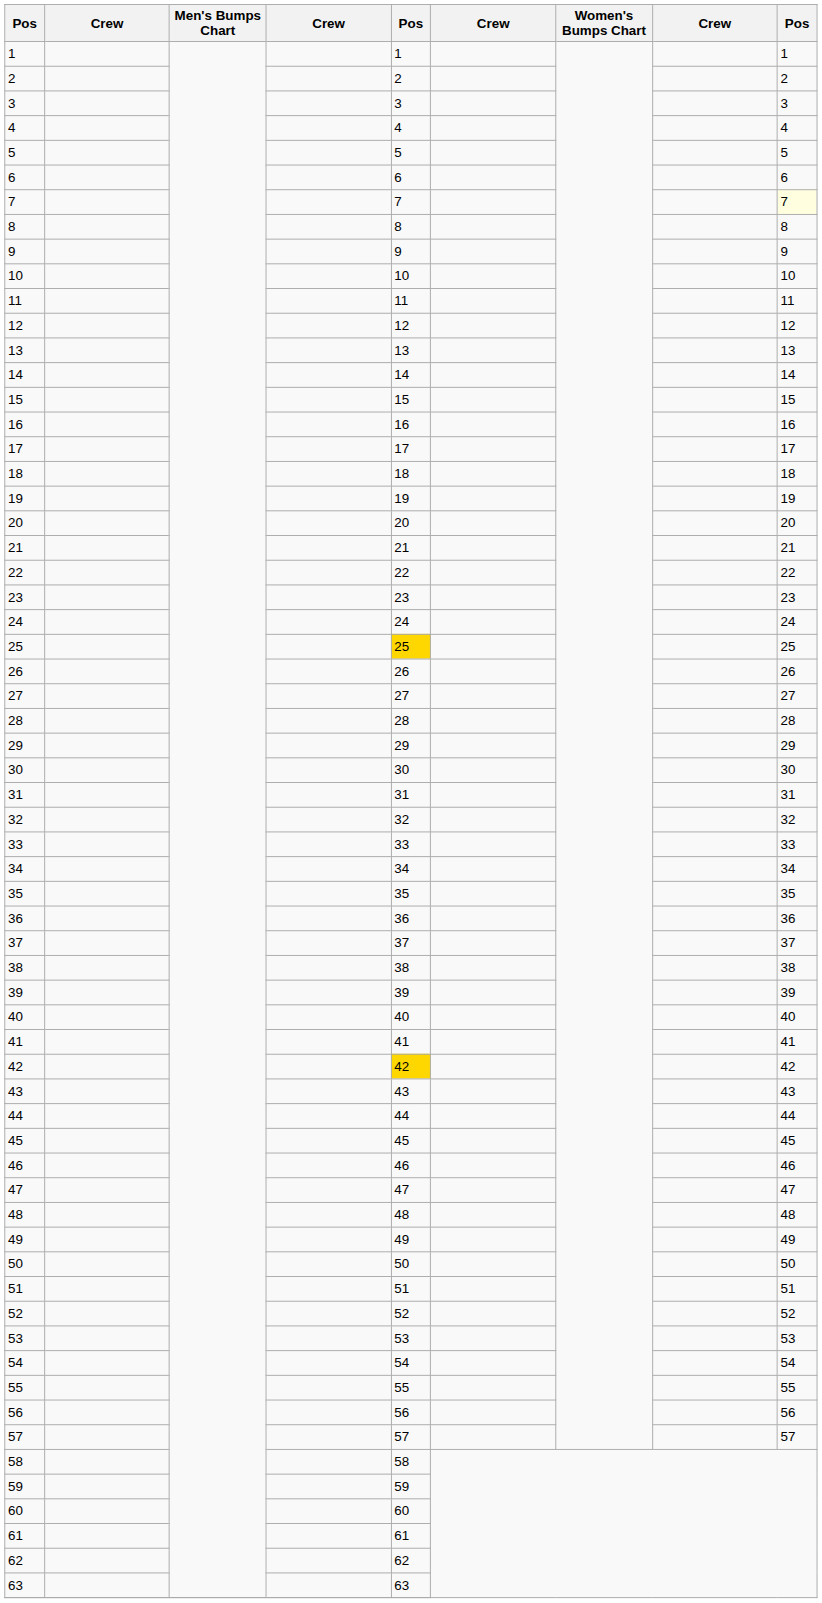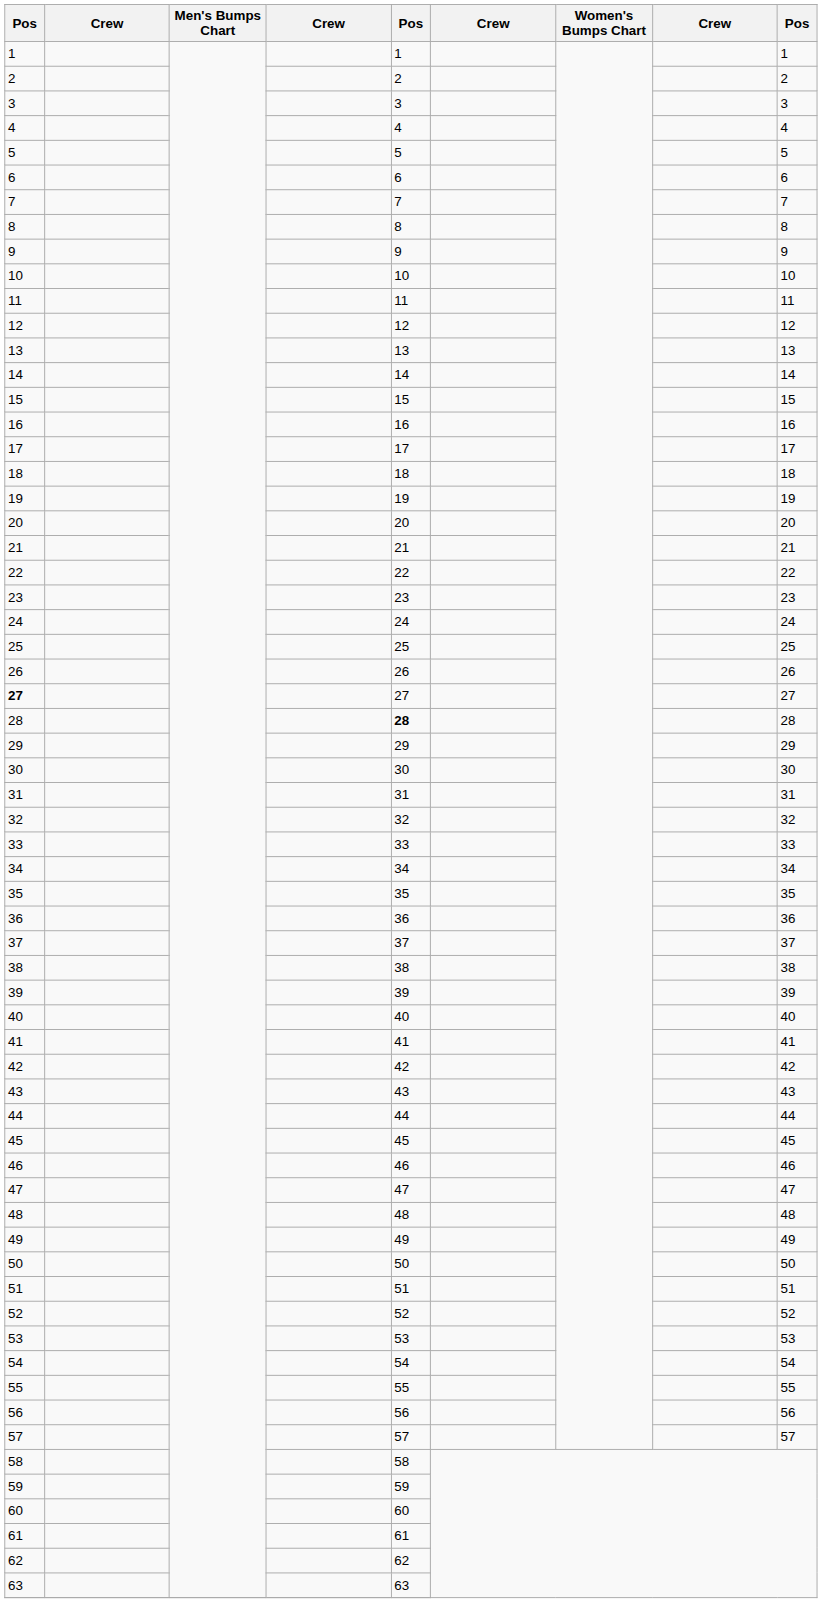 <table class="wikitable" style="font-size:88%; white-space:nowrap; margin:0.5em auto">
 <tr style="white-space:normal">
 <th width=35>Pos</th>
 <th width=125>Crew</th>
 <th width=95>Men's Bumps Chart</th>
 <th width=125>Crew</th>
 <th width=35>Pos</th>
 <th width=125>Crew</th>
 <th width=95>Women's Bumps Chart</th>
 <th width=125>Crew</th>
 <th width=35>Pos</th>
 </tr>
 <tr style="height:26px">
 <td>1</td>
 <td></td>
 <td rowspan="63" style="padding:0"></td>
 <td></td>
 <td>1</td>
 <td></td>
 <td rowspan="57" style="padding:0"></td>
 <td></td>
 <td>1</td>
 </tr>
 <tr style="height:26px">
 <td>2</td>
 <td></td>
 <td></td>
 <td>2</td>
 <td></td>
 <td></td>
 <td>2</td>
 </tr>
 <tr style="height:26px">
 <td>3</td>
 <td></td>
 <td></td>
 <td>3</td>
 <td></td>
 <td></td>
 <td>3</td>
 </tr>
 <tr style="height:26px">
 <td>4</td>
 <td></td>
 <td></td>
 <td>4</td>
 <td></td>
 <td></td>
 <td>4</td>
 </tr>
 <tr style="height:26px">
 <td>5</td>
 <td></td>
 <td></td>
 <td>5</td>
 <td></td>
 <td></td>
 <td>5</td>
 </tr>
 <tr style="height:26px">
 <td>6</td>
 <td></td>
 <td></td>
 <td>6</td>
 <td></td>
 <td></td>
 <td>6</td>
 </tr>
 <tr style="height:26px">
 <td>7</td>
 <td></td>
 <td></td>
 <td>7</td>
 <td></td>
 <td></td>
-<td style="background: lightyellow;">7</td>
+<td>7</td>
 </tr>
 <tr style="height:26px">
 <td>8</td>
 <td></td>
 <td></td>
 <td>8</td>
 <td></td>
 <td></td>
 <td>8</td>
 </tr>
 <tr style="height:26px">
 <td>9</td>
 <td></td>
 <td></td>
 <td>9</td>
 <td></td>
 <td></td>
 <td>9</td>
 </tr>
 <tr style="height:26px">
 <td>10</td>
 <td></td>
 <td></td>
 <td>10</td>
 <td></td>
 <td></td>
 <td>10</td>
 </tr>
 <tr style="height:26px">
 <td>11</td>
 <td></td>
 <td></td>
 <td>11</td>
 <td></td>
 <td></td>
 <td>11</td>
 </tr>
 <tr style="height:26px">
 <td>12</td>
 <td></td>
 <td></td>
 <td>12</td>
 <td></td>
 <td></td>
 <td>12</td>
 </tr>
 <tr style="height:26px">
 <td>13</td>
 <td></td>
 <td></td>
 <td>13</td>
 <td></td>
 <td></td>
 <td>13</td>
 </tr>
 <tr style="height:26px">
 <td>14</td>
 <td></td>
 <td></td>
 <td>14</td>
 <td></td>
 <td></td>
 <td>14</td>
 </tr>
 <tr style="height:26px">
 <td>15</td>
 <td></td>
 <td></td>
 <td>15</td>
 <td></td>
 <td></td>
 <td>15</td>
 </tr>
 <tr style="height:26px">
 <td>16</td>
 <td></td>
 <td></td>
 <td>16</td>
 <td></td>
 <td></td>
 <td>16</td>
 </tr>
 <tr style="height:26px">
 <td>17</td>
 <td></td>
 <td></td>
 <td>17</td>
 <td></td>
 <td></td>
 <td>17</td>
 </tr>
 <tr style="height:26px">
 <td>18</td>
 <td></td>
 <td></td>
 <td>18</td>
 <td></td>
 <td></td>
 <td>18</td>
 </tr>
 <tr style="height:26px">
 <td>19</td>
 <td></td>
 <td></td>
 <td>19</td>
 <td></td>
 <td></td>
 <td>19</td>
 </tr>
 <tr style="height:26px">
 <td>20</td>
 <td></td>
 <td></td>
 <td>20</td>
 <td></td>
 <td></td>
 <td>20</td>
 </tr>
 <tr style="height:26px">
 <td>21</td>
 <td></td>
 <td></td>
 <td>21</td>
 <td></td>
 <td></td>
 <td>21</td>
 </tr>
 <tr style="height:26px">
 <td>22</td>
 <td></td>
 <td></td>
 <td>22</td>
 <td></td>
 <td></td>
 <td>22</td>
 </tr>
 <tr style="height:26px">
 <td>23</td>
 <td></td>
 <td></td>
 <td>23</td>
 <td></td>
 <td></td>
 <td>23</td>
 </tr>
 <tr style="height:26px">
 <td>24</td>
 <td></td>
 <td></td>
 <td>24</td>
 <td></td>
 <td></td>
 <td>24</td>
 </tr>
 <tr style="height:26px">
 <td>25</td>
 <td></td>
 <td></td>
-<td style="background: gold;">25</td>
+<td>25</td>
 <td></td>
 <td></td>
 <td>25</td>
 </tr>
 <tr style="height:26px">
 <td>26</td>
 <td></td>
 <td></td>
 <td>26</td>
 <td></td>
 <td></td>
 <td>26</td>
 </tr>
 <tr style="height:26px">
-<td>27</td>
+<td><strong>27</strong></td>
 <td></td>
 <td></td>
 <td>27</td>
 <td></td>
 <td></td>
 <td>27</td>
 </tr>
 <tr style="height:26px">
 <td>28</td>
 <td></td>
 <td></td>
-<td>28</td>
+<td><strong>28</strong></td>
 <td></td>
 <td></td>
 <td>28</td>
 </tr>
 <tr style="height:26px">
 <td>29</td>
 <td></td>
 <td></td>
 <td>29</td>
 <td></td>
 <td></td>
 <td>29</td>
 </tr>
 <tr style="height:26px">
 <td>30</td>
 <td></td>
 <td></td>
 <td>30</td>
 <td></td>
 <td></td>
 <td>30</td>
 </tr>
 <tr style="height:26px">
 <td>31</td>
 <td></td>
 <td></td>
 <td>31</td>
 <td></td>
 <td></td>
 <td>31</td>
 </tr>
 <tr style="height:26px">
 <td>32</td>
 <td></td>
 <td></td>
 <td>32</td>
 <td></td>
 <td></td>
 <td>32</td>
 </tr>
 <tr style="height:26px">
 <td>33</td>
 <td></td>
 <td></td>
 <td>33</td>
 <td></td>
 <td></td>
 <td>33</td>
 </tr>
 <tr style="height:26px">
 <td>34</td>
 <td></td>
 <td></td>
 <td>34</td>
 <td></td>
 <td></td>
 <td>34</td>
 </tr>
 <tr style="height:26px">
 <td>35</td>
 <td></td>
 <td></td>
 <td>35</td>
 <td></td>
 <td></td>
 <td>35</td>
 </tr>
 <tr style="height:26px">
 <td>36</td>
 <td></td>
 <td></td>
 <td>36</td>
 <td></td>
 <td></td>
 <td>36</td>
 </tr>
 <tr style="height:26px">
 <td>37</td>
 <td></td>
 <td></td>
 <td>37</td>
 <td></td>
 <td></td>
 <td>37</td>
 </tr>
 <tr style="height:26px">
 <td>38</td>
 <td></td>
 <td></td>
 <td>38</td>
 <td></td>
 <td></td>
 <td>38</td>
 </tr>
 <tr style="height:26px">
 <td>39</td>
 <td></td>
 <td></td>
 <td>39</td>
 <td></td>
 <td></td>
 <td>39</td>
 </tr>
 <tr style="height:26px">
 <td>40</td>
 <td></td>
 <td></td>
 <td>40</td>
 <td></td>
 <td></td>
 <td>40</td>
 </tr>
 <tr style="height:26px">
 <td>41</td>
 <td></td>
 <td></td>
 <td>41</td>
 <td></td>
 <td></td>
 <td>41</td>
 </tr>
 <tr style="height:26px">
 <td>42</td>
 <td></td>
 <td></td>
-<td style="background: gold;">42</td>
+<td>42</td>
 <td></td>
 <td></td>
 <td>42</td>
 </tr>
 <tr style="height:26px">
 <td>43</td>
 <td></td>
 <td></td>
 <td>43</td>
 <td></td>
 <td></td>
 <td>43</td>
 </tr>
 <tr style="height:26px">
 <td>44</td>
 <td></td>
 <td></td>
 <td>44</td>
 <td></td>
 <td></td>
 <td>44</td>
 </tr>
 <tr style="height:26px">
 <td>45</td>
 <td></td>
 <td></td>
 <td>45</td>
 <td></td>
 <td></td>
 <td>45</td>
 </tr>
 <tr style="height:26px">
 <td>46</td>
 <td></td>
 <td></td>
 <td>46</td>
 <td></td>
 <td></td>
 <td>46</td>
 </tr>
 <tr style="height:26px">
 <td>47</td>
 <td></td>
 <td></td>
 <td>47</td>
 <td></td>
 <td></td>
 <td>47</td>
 </tr>
 <tr style="height:26px">
 <td>48</td>
 <td></td>
 <td></td>
 <td>48</td>
 <td></td>
 <td></td>
 <td>48</td>
 </tr>
 <tr style="height:26px">
 <td>49</td>
 <td></td>
 <td></td>
 <td>49</td>
 <td></td>
 <td></td>
 <td>49</td>
 </tr>
 <tr style="height:26px">
 <td>50</td>
 <td></td>
 <td></td>
 <td>50</td>
 <td></td>
 <td></td>
 <td>50</td>
 </tr>
 <tr style="height:26px">
 <td>51</td>
 <td></td>
 <td></td>
 <td>51</td>
 <td></td>
 <td></td>
 <td>51</td>
 </tr>
 <tr style="height:26px">
 <td>52</td>
 <td></td>
 <td></td>
 <td>52</td>
 <td></td>
 <td></td>
 <td>52</td>
 </tr>
 <tr style="height:26px">
 <td>53</td>
 <td></td>
 <td></td>
 <td>53</td>
 <td></td>
 <td></td>
 <td>53</td>
 </tr>
 <tr style="height:26px">
 <td>54</td>
 <td></td>
 <td></td>
 <td>54</td>
 <td></td>
 <td></td>
 <td>54</td>
 </tr>
 <tr style="height:26px">
 <td>55</td>
 <td></td>
 <td></td>
 <td>55</td>
 <td></td>
 <td></td>
 <td>55</td>
 </tr>
 <tr style="height:26px">
 <td>56</td>
 <td></td>
 <td></td>
 <td>56</td>
 <td></td>
 <td></td>
 <td>56</td>
 </tr>
 <tr style="height:26px">
 <td>57</td>
 <td></td>
 <td></td>
 <td>57</td>
 <td></td>
 <td></td>
 <td>57</td>
 </tr>
 <tr style="height:26px">
 <td>58</td>
 <td></td>
 <td></td>
 <td>58</td>
 <td colspan="4" rowspan="28"> </td>
 </tr>
 <tr style="height:26px">
 <td>59</td>
 <td></td>
 <td></td>
 <td>59</td>
 </tr>
 <tr style="height:26px">
 <td>60</td>
 <td></td>
 <td></td>
 <td>60</td>
 </tr>
 <tr style="height:26px">
 <td>61</td>
 <td></td>
 <td></td>
 <td>61</td>
 </tr>
 <tr style="height:26px">
 <td>62</td>
 <td></td>
 <td></td>
 <td>62</td>
 </tr>
 <tr style="height:26px">
 <td>63</td>
 <td></td>
 <td></td>
 <td>63</td>
 </tr>
 <tr>
 </tr>
 </table>
